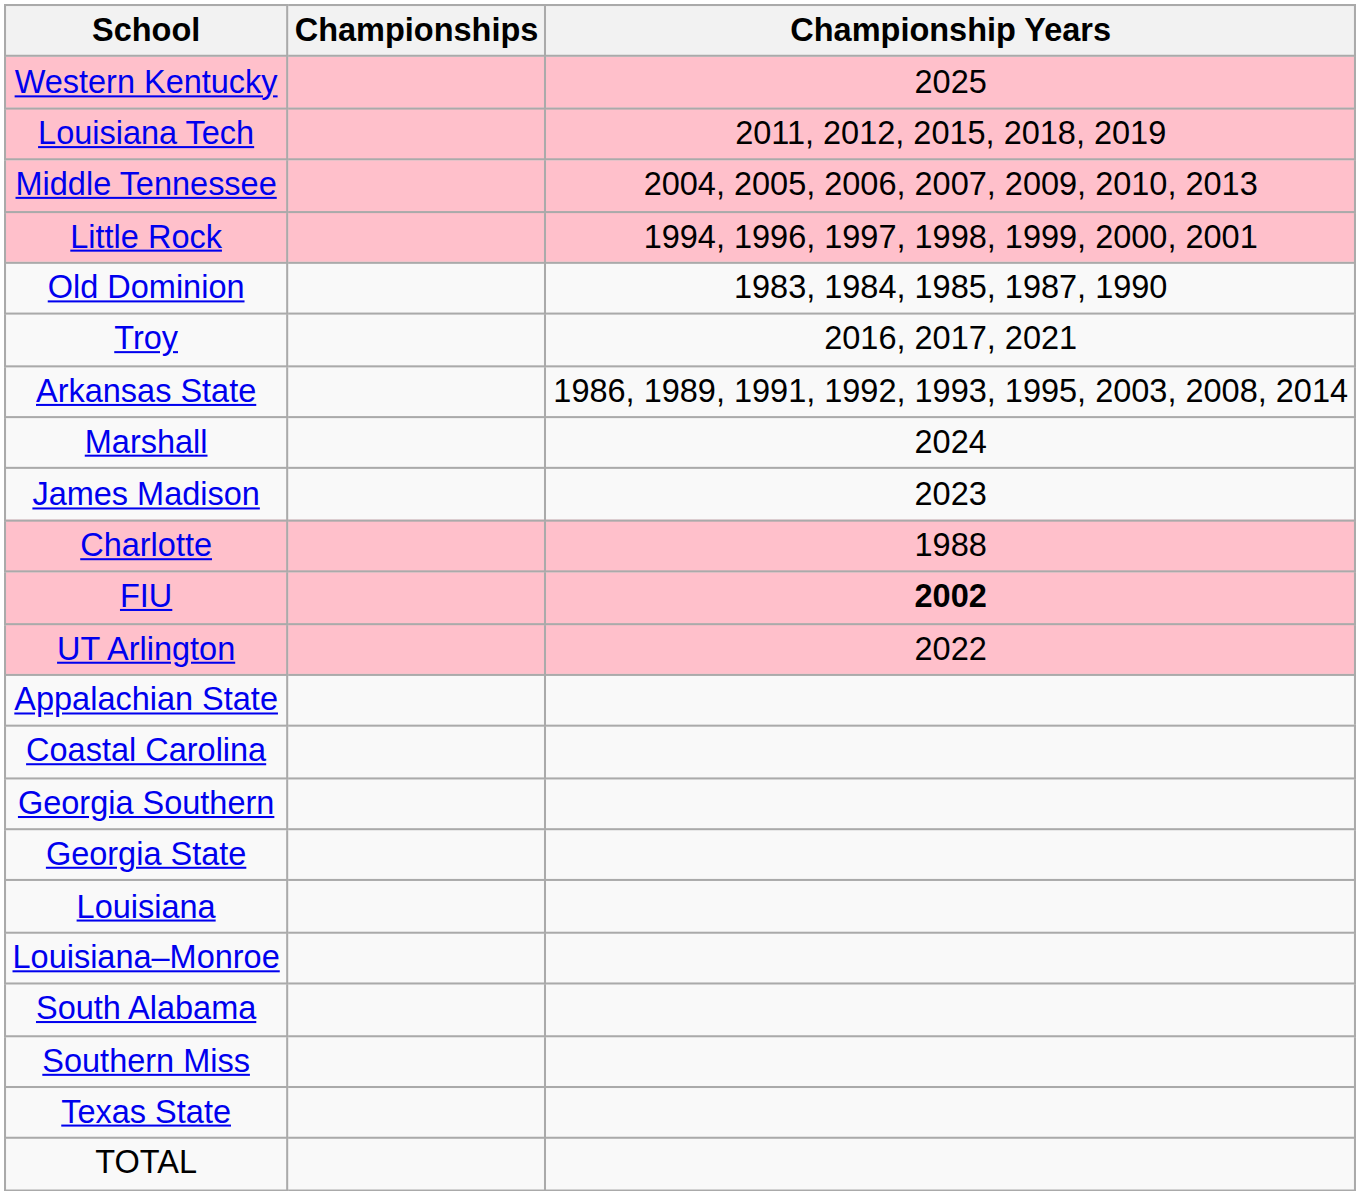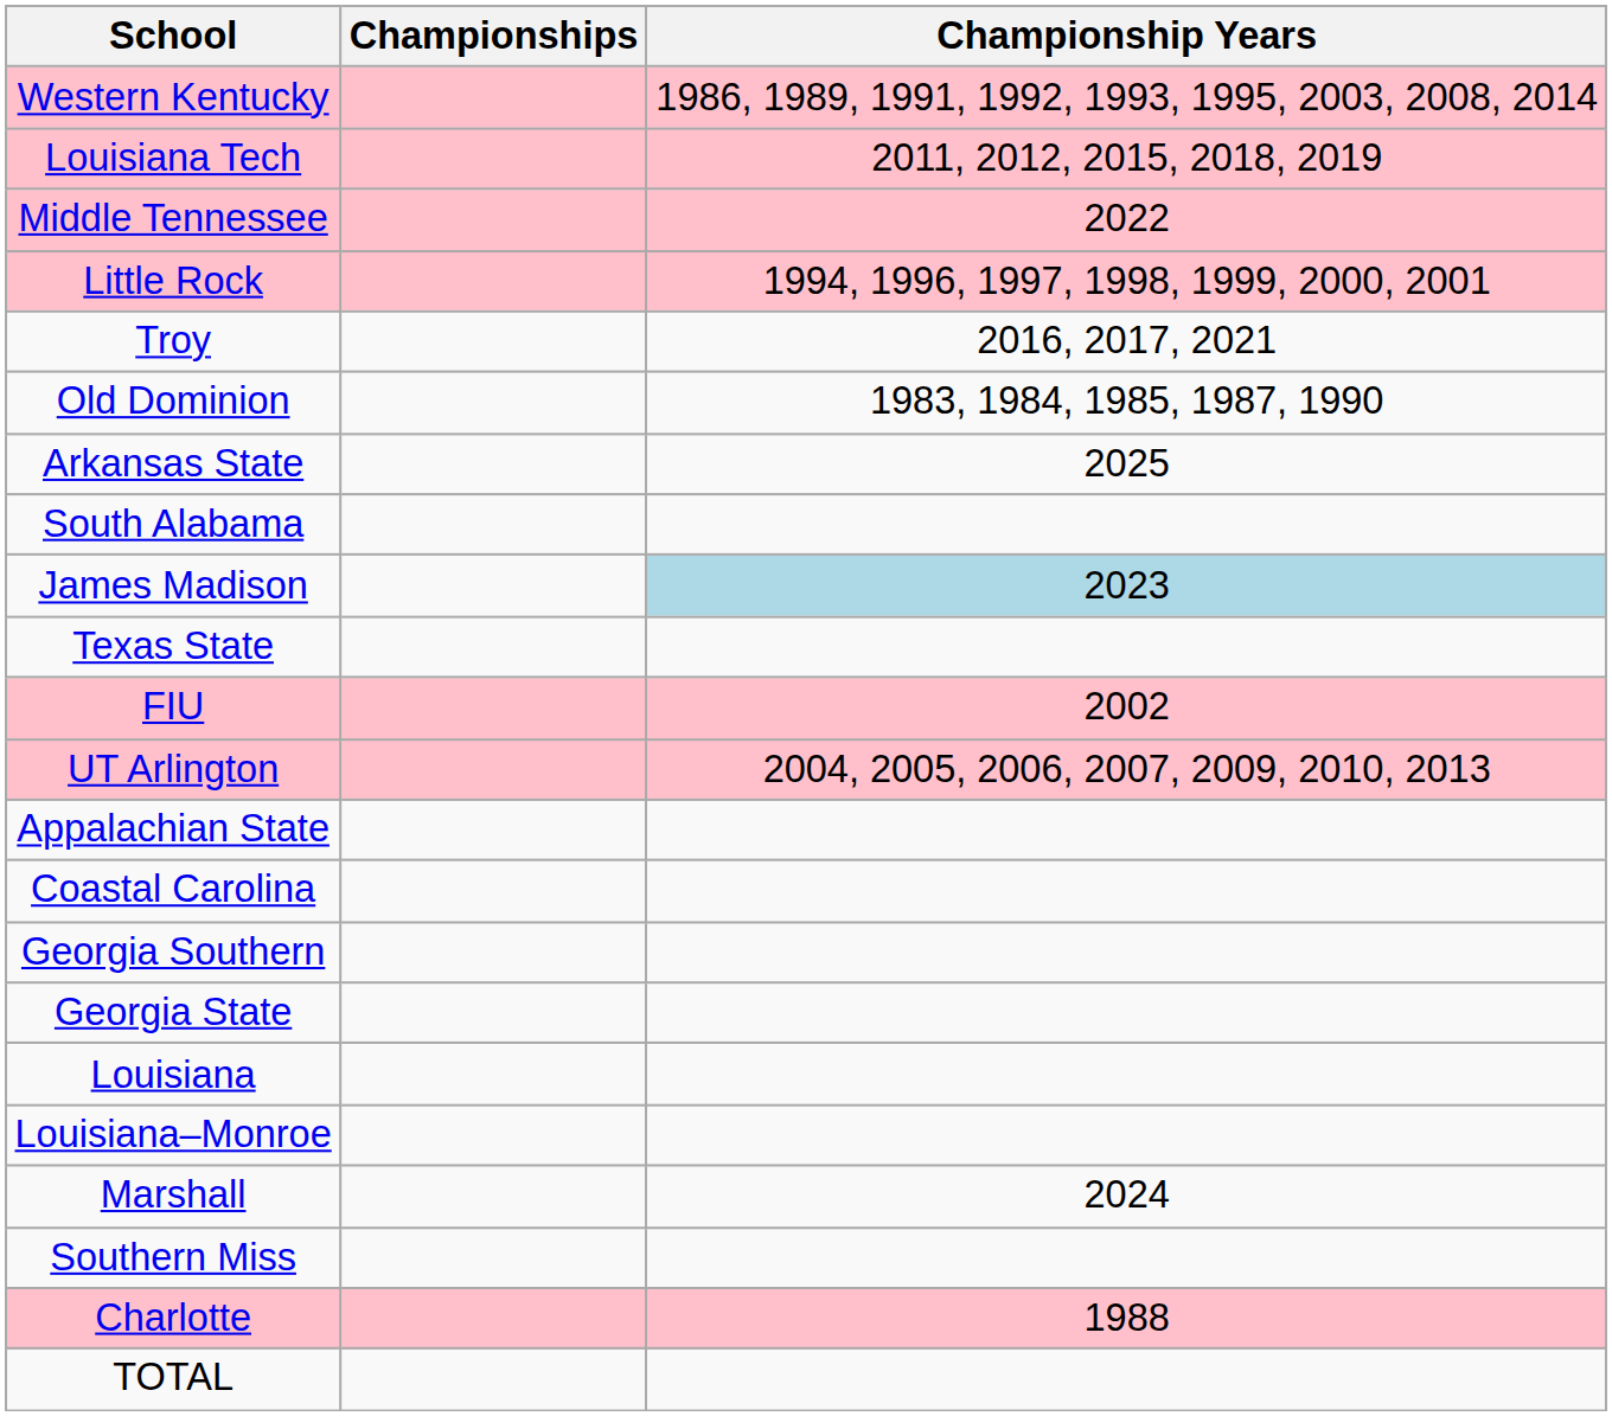 <table class="wikitable sortable" style="text-align:center">
 <tr>
 <th width=px>School</th>
 <th width=px>Championships</th>
 <th width=px>Championship Years</th>
 </tr>
 <tr bgcolor=pink>
 <td><a href='#'>Western Kentucky</a></td>
 <td></td>
-<td>2025</td>
+<td>1986, 1989, 1991, 1992, 1993, 1995, 2003, 2008, 2014</td>
 </tr>
 <tr bgcolor=pink>
 <td><a href='#'>Louisiana Tech</a></td>
 <td></td>
 <td>2011, 2012, 2015, 2018, 2019</td>
 </tr>
 <tr bgcolor=pink>
 <td><a href='#'>Middle Tennessee</a></td>
 <td></td>
-<td>2004, 2005, 2006, 2007, 2009, 2010, 2013</td>
+<td>2022</td>
 </tr>
 <tr bgcolor=pink>
 <td><a href='#'>Little Rock</a></td>
 <td></td>
 <td>1994, 1996, 1997, 1998, 1999, 2000, 2001</td>
 </tr>
 <tr>
+<td><a href='#'>Troy</a></td>
+<td></td>
+<td>2016, 2017, 2021</td>
+</tr>
+<tr>
 <td><a href='#'>Old Dominion</a></td>
 <td></td>
 <td>1983, 1984, 1985, 1987, 1990</td>
 </tr>
 <tr>
-<td><a href='#'>Troy</a></td>
+<td><a href='#'>Arkansas State</a></td>
 <td></td>
-<td>2016, 2017, 2021</td>
+<td>2025</td>
 </tr>
 <tr>
-<td><a href='#'>Arkansas State</a></td>
+<td><a href='#'>South Alabama</a></td>
 <td></td>
-<td>1986, 1989, 1991, 1992, 1993, 1995, 2003, 2008, 2014</td>
-</tr>
-<tr>
-<td><a href='#'>Marshall</a></td>
 <td></td>
-<td>2024</td>
 </tr>
 <tr>
 <td><a href='#'>James Madison</a></td>
 <td></td>
-<td>2023</td>
+<td style="background: lightblue;">2023</td>
 </tr>
-<tr bgcolor=pink>
-<td><a href='#'>Charlotte</a></td>
+<tr>
+<td><a href='#'>Texas State</a></td>
 <td></td>
-<td>1988</td>
+<td></td>
 </tr>
 <tr bgcolor=pink>
 <td><a href='#'>FIU</a></td>
 <td></td>
-<td><strong>2002</strong></td>
+<td>2002</td>
 </tr>
 <tr bgcolor=pink>
 <td><a href='#'>UT Arlington</a></td>
 <td></td>
-<td>2022</td>
+<td>2004, 2005, 2006, 2007, 2009, 2010, 2013</td>
 </tr>
 <tr>
 <td><a href='#'>Appalachian State</a></td>
 <td></td>
 </tr>
 <tr>
 <td><a href='#'>Coastal Carolina</a></td>
 <td></td>
 <td></td>
 </tr>
 <tr>
 <td><a href='#'>Georgia Southern</a></td>
 <td></td>
 <td></td>
 </tr>
 <tr>
 <td><a href='#'>Georgia State</a></td>
 <td></td>
 <td></td>
 </tr>
 <tr>
 <td><a href='#'>Louisiana</a></td>
 <td></td>
 <td></td>
 </tr>
 <tr>
 <td><a href='#'>Louisiana–Monroe</a></td>
 <td></td>
 <td></td>
 </tr>
 <tr>
-<td><a href='#'>South Alabama</a></td>
+<td><a href='#'>Marshall</a></td>
 <td></td>
-<td></td>
+<td>2024</td>
 </tr>
 <tr>
 <td><a href='#'>Southern Miss</a></td>
 <td></td>
 <td></td>
 </tr>
-<tr>
-<td><a href='#'>Texas State</a></td>
+<tr bgcolor=pink>
+<td><a href='#'>Charlotte</a></td>
 <td></td>
-<td></td>
+<td>1988</td>
 </tr>
 <tr>
 <td>TOTAL</td>
 <td></td>
 </tr>
 </table>
